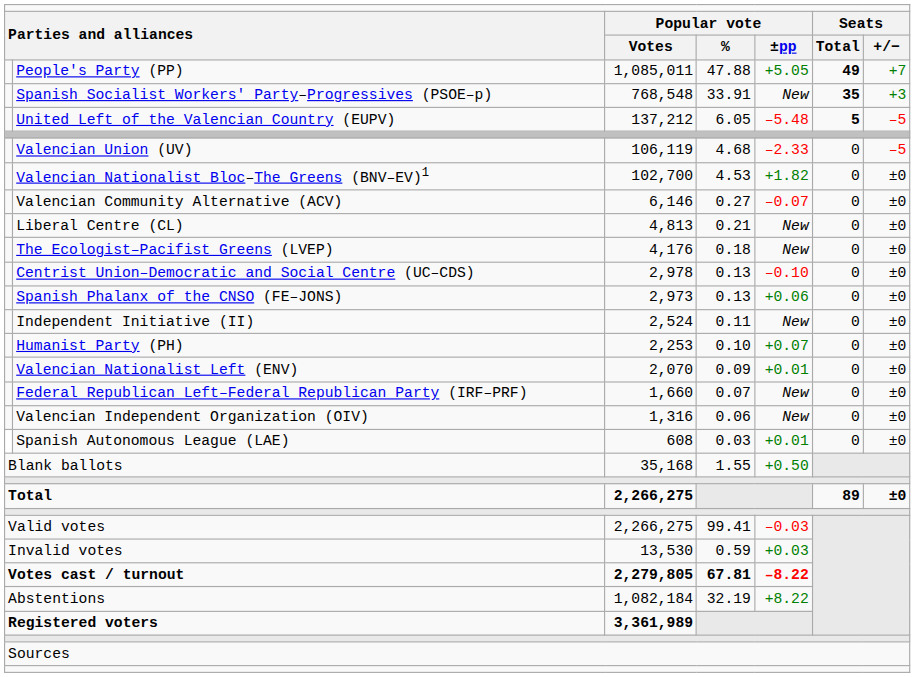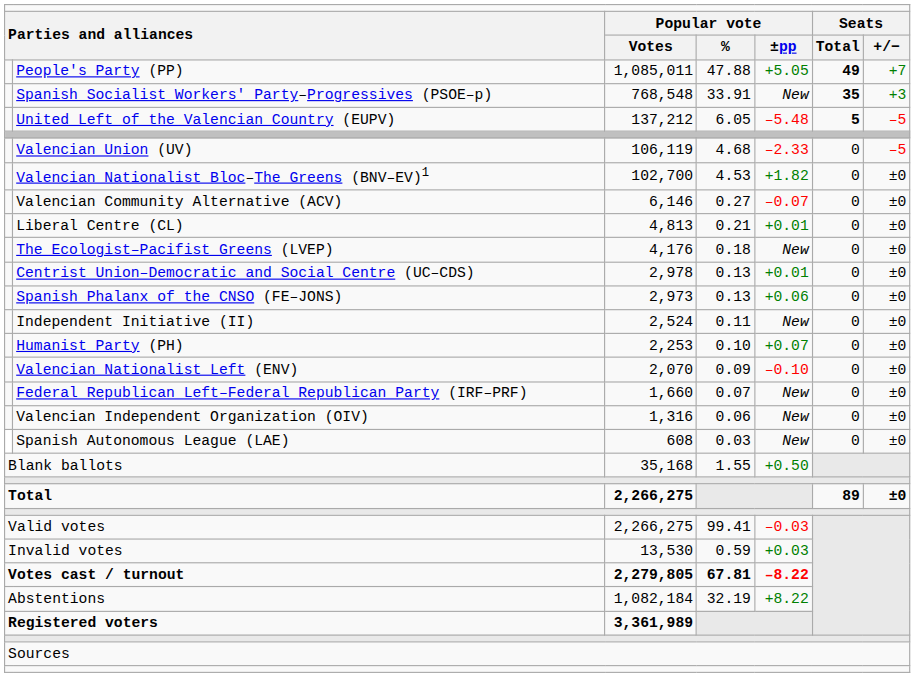 <table class="wikitable" style="text-align:right;">
 <tr>
 <td colspan="7"></td>
 </tr>
 <tr>
 <th style="text-align:left;" rowspan="2" colspan="2" width="525">Parties and alliances</th>
 <th colspan="3">Popular vote</th>
 <th colspan="2">Seats</th>
 </tr>
 <tr>
 <th width="75">Votes</th>
 <th width="45">%</th>
 <th width="45">±<a href='#'>pp</a></th>
 <th width="35">Total</th>
 <th width="35">+/−</th>
 </tr>
 <tr>
 <td width="1" style="color:inherit;background:"></td>
 <td align="left"><a href='#'>People's Party</a> (PP)</td>
 <td>1,085,011</td>
 <td>47.88</td>
 <td style="color:green;">+5.05</td>
 <td><strong>49</strong></td>
 <td style="color:green;">+7</td>
 </tr>
 <tr>
 <td style="color:inherit;background:"></td>
 <td align="left"><a href='#'>Spanish Socialist Workers' Party</a>–<a href='#'>Progressives</a> (PSOE–p)</td>
 <td>768,548</td>
 <td>33.91</td>
 <td><em>New</em></td>
 <td><strong>35</strong></td>
 <td style="color:green;">+3</td>
 </tr>
 <tr>
 <td style="color:inherit;background:"></td>
 <td align="left"><a href='#'>United Left of the Valencian Country</a> (EUPV)</td>
 <td>137,212</td>
 <td>6.05</td>
 <td style="color:red;">–5.48</td>
 <td><strong>5</strong></td>
 <td style="color:red;">–5</td>
 </tr>
 <tr>
 <td colspan="7" bgcolor="#C0C0C0"></td>
 </tr>
 <tr>
 <td style="color:inherit;background:"></td>
 <td align="left"><a href='#'>Valencian Union</a> (UV)</td>
 <td>106,119</td>
 <td>4.68</td>
 <td style="color:red;">–2.33</td>
 <td>0</td>
 <td style="color:red;">–5</td>
 </tr>
 <tr>
 <td style="color:inherit;background:"></td>
 <td align="left"><a href='#'>Valencian Nationalist Bloc</a>–<a href='#'>The Greens</a> (BNV–EV)<sup>1</sup></td>
 <td>102,700</td>
 <td>4.53</td>
 <td style="color:green;">+1.82</td>
 <td>0</td>
 <td>±0</td>
 </tr>
 <tr>
 <td style="color:inherit;background:"></td>
 <td align="left">Valencian Community Alternative (ACV)</td>
 <td>6,146</td>
 <td>0.27</td>
 <td style="color:red;">–0.07</td>
 <td>0</td>
 <td>±0</td>
 </tr>
 <tr>
 <td style="color:inherit;background:"></td>
 <td align="left">Liberal Centre (CL)</td>
 <td>4,813</td>
 <td>0.21</td>
-<td><em>New</em></td>
+<td style="color:green;">+0.01</td>
 <td>0</td>
 <td>±0</td>
 </tr>
 <tr>
 <td style="color:inherit;background:"></td>
 <td align="left"><a href='#'>The Ecologist–Pacifist Greens</a> (LVEP)</td>
 <td>4,176</td>
 <td>0.18</td>
 <td><em>New</em></td>
 <td>0</td>
 <td>±0</td>
 </tr>
 <tr>
 <td style="color:inherit;background:"></td>
 <td align="left"><a href='#'>Centrist Union–Democratic and Social Centre</a> (UC–CDS)</td>
 <td>2,978</td>
 <td>0.13</td>
-<td style="color:red;">–0.10</td>
+<td style="color:green;">+0.01</td>
 <td>0</td>
 <td>±0</td>
 </tr>
 <tr>
 <td style="color:inherit;background:"></td>
 <td align="left"><a href='#'>Spanish Phalanx of the CNSO</a> (FE–JONS)</td>
 <td>2,973</td>
 <td>0.13</td>
 <td style="color:green;">+0.06</td>
 <td>0</td>
 <td>±0</td>
 </tr>
 <tr>
 <td style="color:inherit;background:"></td>
 <td align="left">Independent Initiative (II)</td>
 <td>2,524</td>
 <td>0.11</td>
 <td><em>New</em></td>
 <td>0</td>
 <td>±0</td>
 </tr>
 <tr>
 <td style="color:inherit;background:"></td>
 <td align="left"><a href='#'>Humanist Party</a> (PH)</td>
 <td>2,253</td>
 <td>0.10</td>
 <td style="color:green;">+0.07</td>
 <td>0</td>
 <td>±0</td>
 </tr>
 <tr>
 <td style="color:inherit;background:"></td>
 <td align="left"><a href='#'>Valencian Nationalist Left</a> (ENV)</td>
 <td>2,070</td>
 <td>0.09</td>
-<td style="color:green;">+0.01</td>
+<td style="color:red;">–0.10</td>
 <td>0</td>
 <td>±0</td>
 </tr>
 <tr>
 <td style="color:inherit;background:"></td>
 <td align="left"><a href='#'>Federal Republican Left–Federal Republican Party</a> (IRF–PRF)</td>
 <td>1,660</td>
 <td>0.07</td>
 <td><em>New</em></td>
 <td>0</td>
 <td>±0</td>
 </tr>
 <tr>
 <td style="color:inherit;background:"></td>
 <td align="left">Valencian Independent Organization (OIV)</td>
 <td>1,316</td>
 <td>0.06</td>
 <td><em>New</em></td>
 <td>0</td>
 <td>±0</td>
 </tr>
 <tr>
 <td bgcolor="white"></td>
 <td align="left">Spanish Autonomous League (LAE)</td>
 <td>608</td>
 <td>0.03</td>
-<td style="color:green;">+0.01</td>
+<td><em>New</em></td>
 <td>0</td>
 <td>±0</td>
 </tr>
 <tr>
 <td align="left" colspan="2">Blank ballots</td>
 <td>35,168</td>
 <td>1.55</td>
 <td style="color:green;">+0.50</td>
 <td bgcolor="#E9E9E9" colspan="2"></td>
 </tr>
 <tr>
 <td colspan="7" bgcolor="#E9E9E9"></td>
 </tr>
 <tr style="font-weight:bold;">
 <td align="left" colspan="2">Total</td>
 <td>2,266,275</td>
 <td bgcolor="#E9E9E9" colspan="2"></td>
 <td>89</td>
 <td>±0</td>
 </tr>
 <tr>
 <td colspan="7" bgcolor="#E9E9E9"></td>
 </tr>
 <tr>
 <td align="left" colspan="2">Valid votes</td>
 <td>2,266,275</td>
 <td>99.41</td>
 <td style="color:red;">–0.03</td>
 <td bgcolor="#E9E9E9" colspan="2" rowspan="5"></td>
 </tr>
 <tr>
 <td align="left" colspan="2">Invalid votes</td>
 <td>13,530</td>
 <td>0.59</td>
 <td style="color:green;">+0.03</td>
 </tr>
 <tr style="font-weight:bold;">
 <td align="left" colspan="2">Votes cast / turnout</td>
 <td>2,279,805</td>
 <td>67.81</td>
 <td style="color:red;">–8.22</td>
 </tr>
 <tr>
 <td align="left" colspan="2">Abstentions</td>
 <td>1,082,184</td>
 <td>32.19</td>
 <td style="color:green;">+8.22</td>
 </tr>
 <tr style="font-weight:bold;">
 <td align="left" colspan="2">Registered voters</td>
 <td>3,361,989</td>
 <td bgcolor="#E9E9E9" colspan="2"></td>
 </tr>
 <tr>
 <td colspan="7" bgcolor="#E9E9E9"></td>
 </tr>
 <tr>
 <td align="left" colspan="7">Sources</td>
 </tr>
 <tr>
 <td colspan="7" style="text-align:left; max-width:790px;"></td>
 </tr>
 </table>
